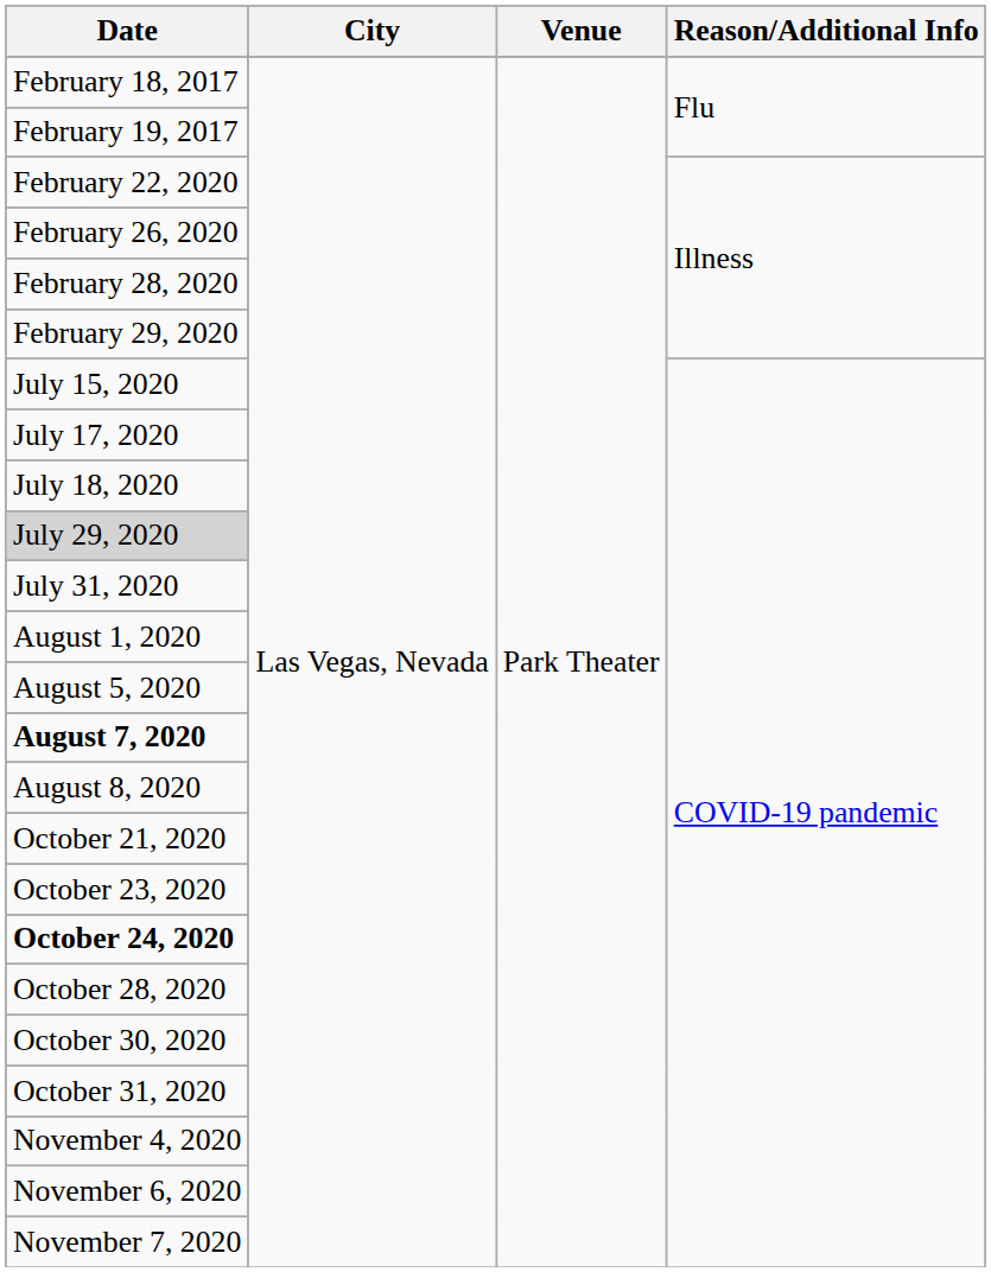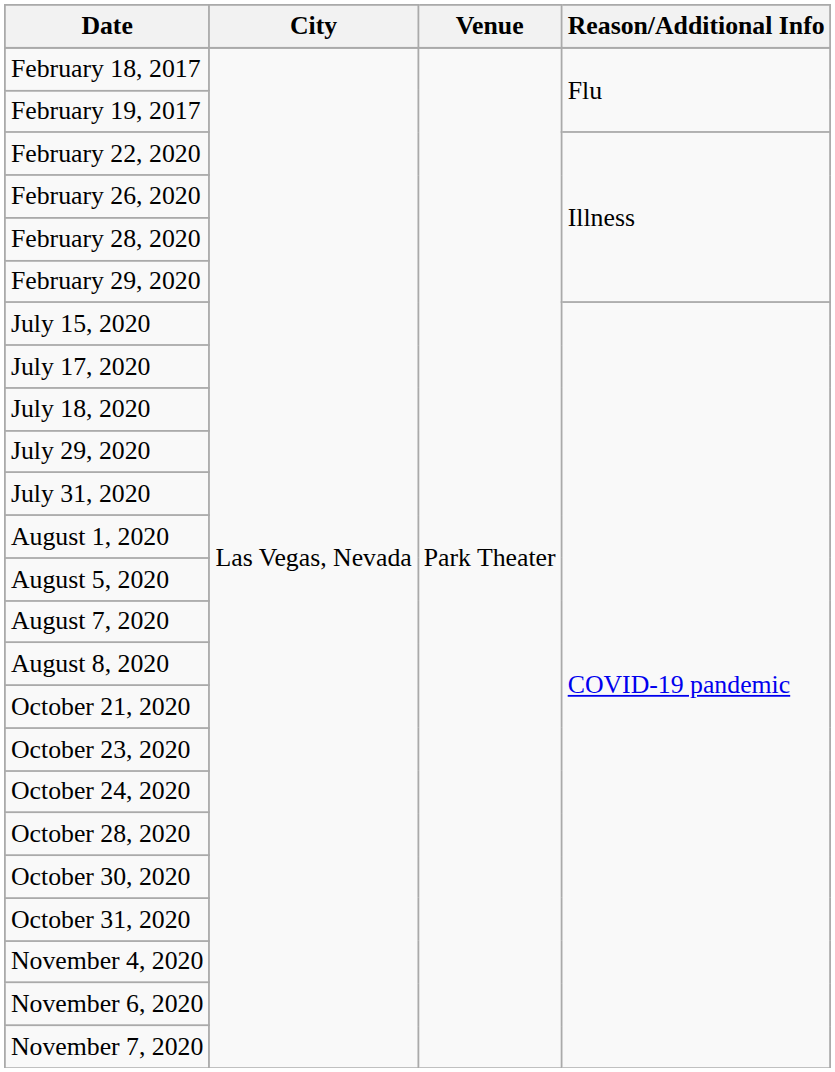 <table class="wikitable" style="border:0 solid darkgrey; font-size:90%">
 <tr>
 <th>Date</th>
 <th>City</th>
 <th>Venue</th>
 <th>Reason/Additional Info</th>
 </tr>
 <tr border="0">
 </tr>
 <tr>
 <td>February 18, 2017</td>
 <td rowspan=24>Las Vegas, Nevada</td>
 <td rowspan=24>Park Theater</td>
 <td rowspan=2>Flu</td>
 </tr>
 <tr>
 <td>February 19, 2017</td>
 </tr>
 <tr>
 <td>February 22, 2020</td>
 <td rowspan=4>Illness</td>
 </tr>
 <tr>
 <td>February 26, 2020</td>
 </tr>
 <tr>
 <td>February 28, 2020</td>
 </tr>
 <tr>
 <td>February 29, 2020</td>
 </tr>
 <tr>
 <td>July 15, 2020</td>
 <td rowspan=18><a href='#'>COVID-19 pandemic</a></td>
 </tr>
 <tr>
 <td>July 17, 2020</td>
 </tr>
 <tr>
 <td>July 18, 2020</td>
 </tr>
 <tr>
-<td style="background: lightgrey;">July 29, 2020</td>
+<td>July 29, 2020</td>
 </tr>
 <tr>
 <td>July 31, 2020</td>
 </tr>
 <tr>
 <td>August 1, 2020</td>
 </tr>
 <tr>
 <td>August 5, 2020</td>
 </tr>
 <tr>
-<td><strong>August 7, 2020</strong></td>
+<td>August 7, 2020</td>
 </tr>
 <tr>
 <td>August 8, 2020</td>
 </tr>
 <tr>
 <td>October 21, 2020</td>
 </tr>
 <tr>
 <td>October 23, 2020</td>
 </tr>
 <tr>
-<td><strong>October 24, 2020</strong></td>
+<td>October 24, 2020</td>
 </tr>
 <tr>
 <td>October 28, 2020</td>
 </tr>
 <tr>
 <td>October 30, 2020</td>
 </tr>
 <tr>
 <td>October 31, 2020</td>
 </tr>
 <tr>
 <td>November 4, 2020</td>
 </tr>
 <tr>
 <td>November 6, 2020</td>
 </tr>
 <tr>
 <td>November 7, 2020</td>
 </tr>
 <tr>
 </tr>
 </table>
